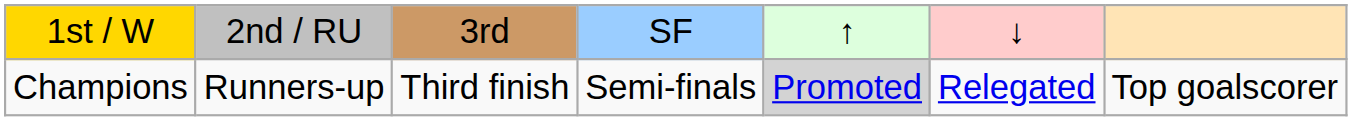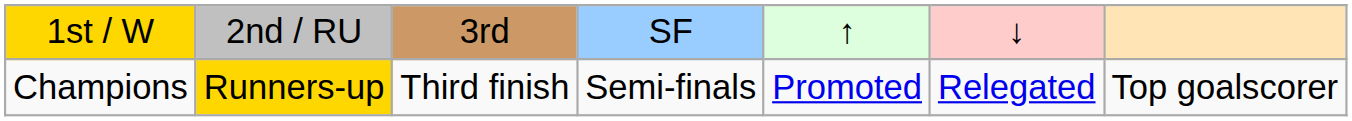 <table class="wikitable" style="text-align:center">
 <tr>
 <td bgcolor=gold>1st / W</td>
 <td bgcolor=silver>2nd / RU</td>
 <td bgcolor="#cc9966">3rd</td>
 <td bgcolor="#9acdff">SF</td>
 <td bgcolor="#DDFFDD">↑</td>
 <td bgcolor="#FFCCCC">↓</td>
 <td bgcolor=Moccasin></td>
 </tr>
 <tr>
 <td>Champions</td>
-<td>Runners-up</td>
+<td style="background: gold;">Runners-up</td>
 <td>Third finish</td>
 <td>Semi-finals</td>
-<td style="background: lightgrey;"><a href='#'>Promoted</a></td>
+<td><a href='#'>Promoted</a></td>
 <td><a href='#'>Relegated</a></td>
 <td>Top goalscorer</td>
 </tr>
 </table>
